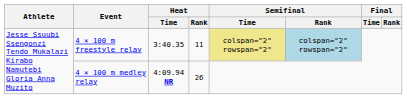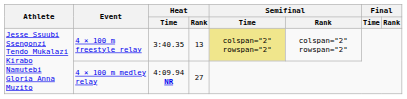 <table class="wikitable" style="text-align:center; font-size:90%; width:50%;">
 <tr>
 <th rowspan="2">Athlete</th>
 <th rowspan="2">Event</th>
 <th colspan="2">Heat</th>
 <th colspan="2">Semifinal</th>
 <th colspan="2">Final</th>
 </tr>
 <tr style="font-size:95%">
 <th>Time</th>
 <th>Rank</th>
 <th>Time</th>
 <th>Rank</th>
 <th>Time</th>
 <th>Rank</th>
 </tr>
 <tr align=center>
 <td align=left rowspan="2"><a href='#'>Jesse Ssuubi Ssengonzi</a> <br><a href='#'>Tendo Mukalazi</a> <br><a href='#'>Kirabo Namutebi</a> <br><a href='#'>Gloria Anna Muzito</a></td>
 <td align=left><a href='#'>4 × 100 m freestyle relay</a></td>
 <td>3:40.35</td>
-<td>11</td>
+<td>13</td>
 <td style="background: khaki;">colspan="2" rowspan="2" </td>
-<td style="background: lightblue;">colspan="2" rowspan="2"</td>
+<td>colspan="2" rowspan="2"</td>
 </tr>
 <tr align=center>
 <td align=left><a href='#'>4 × 100 m medley relay</a></td>
 <td>4:09.94 <strong><a href='#'>NR</a></strong></td>
-<td>26</td>
+<td>27</td>
 </tr>
 </table>
